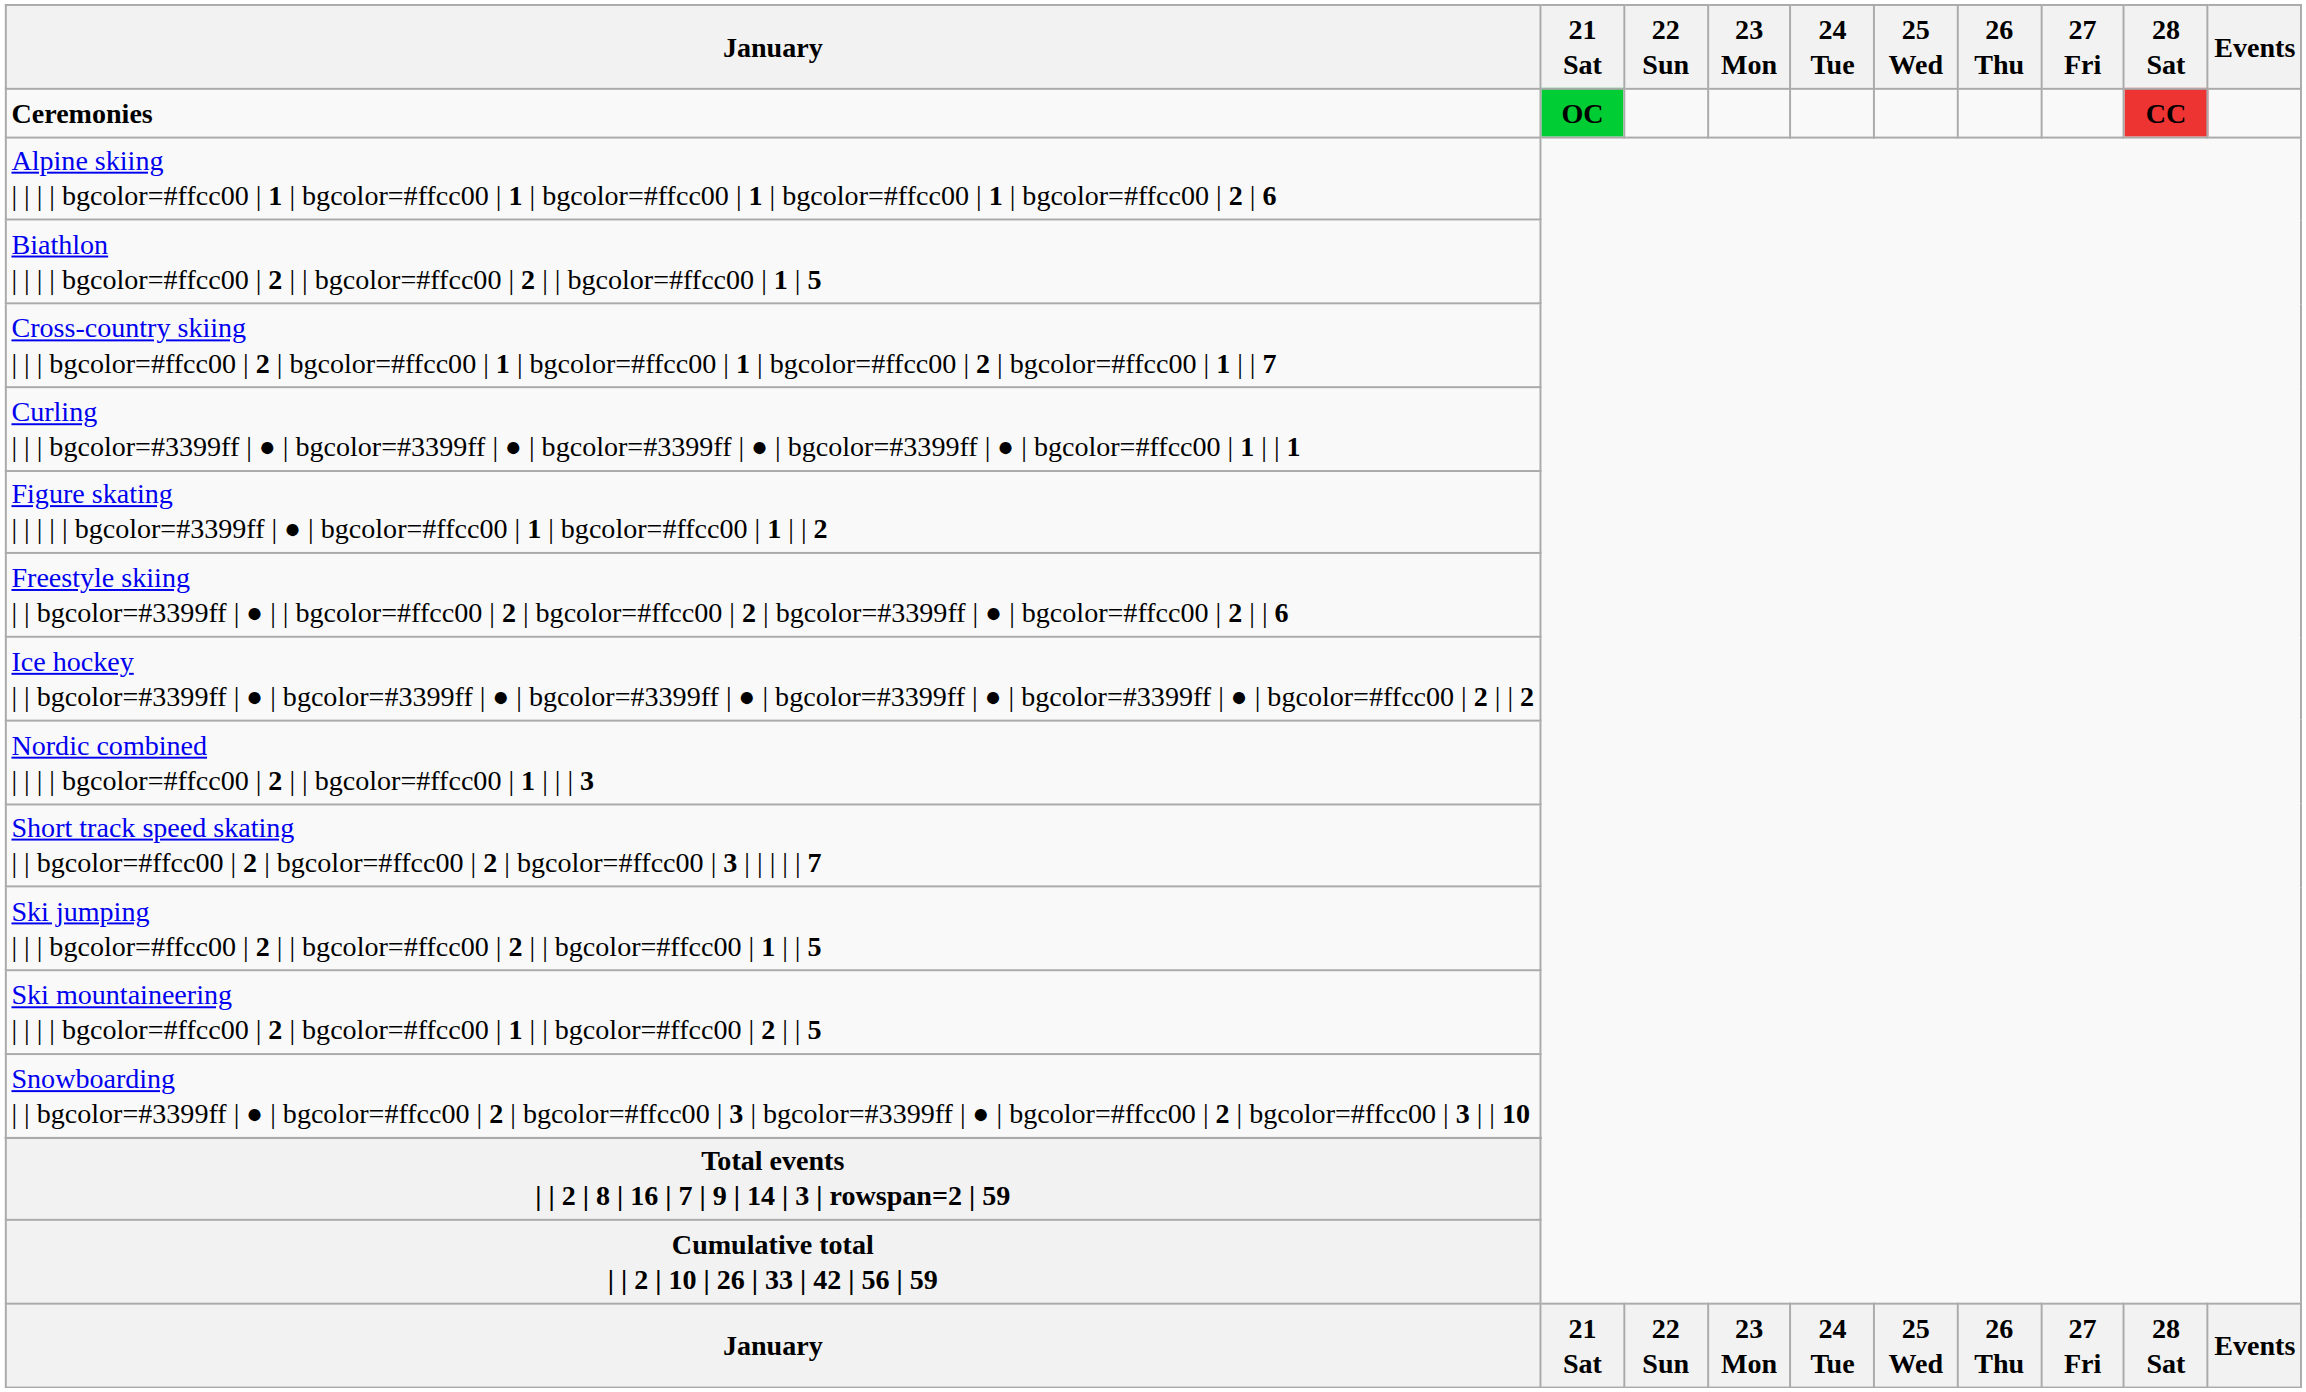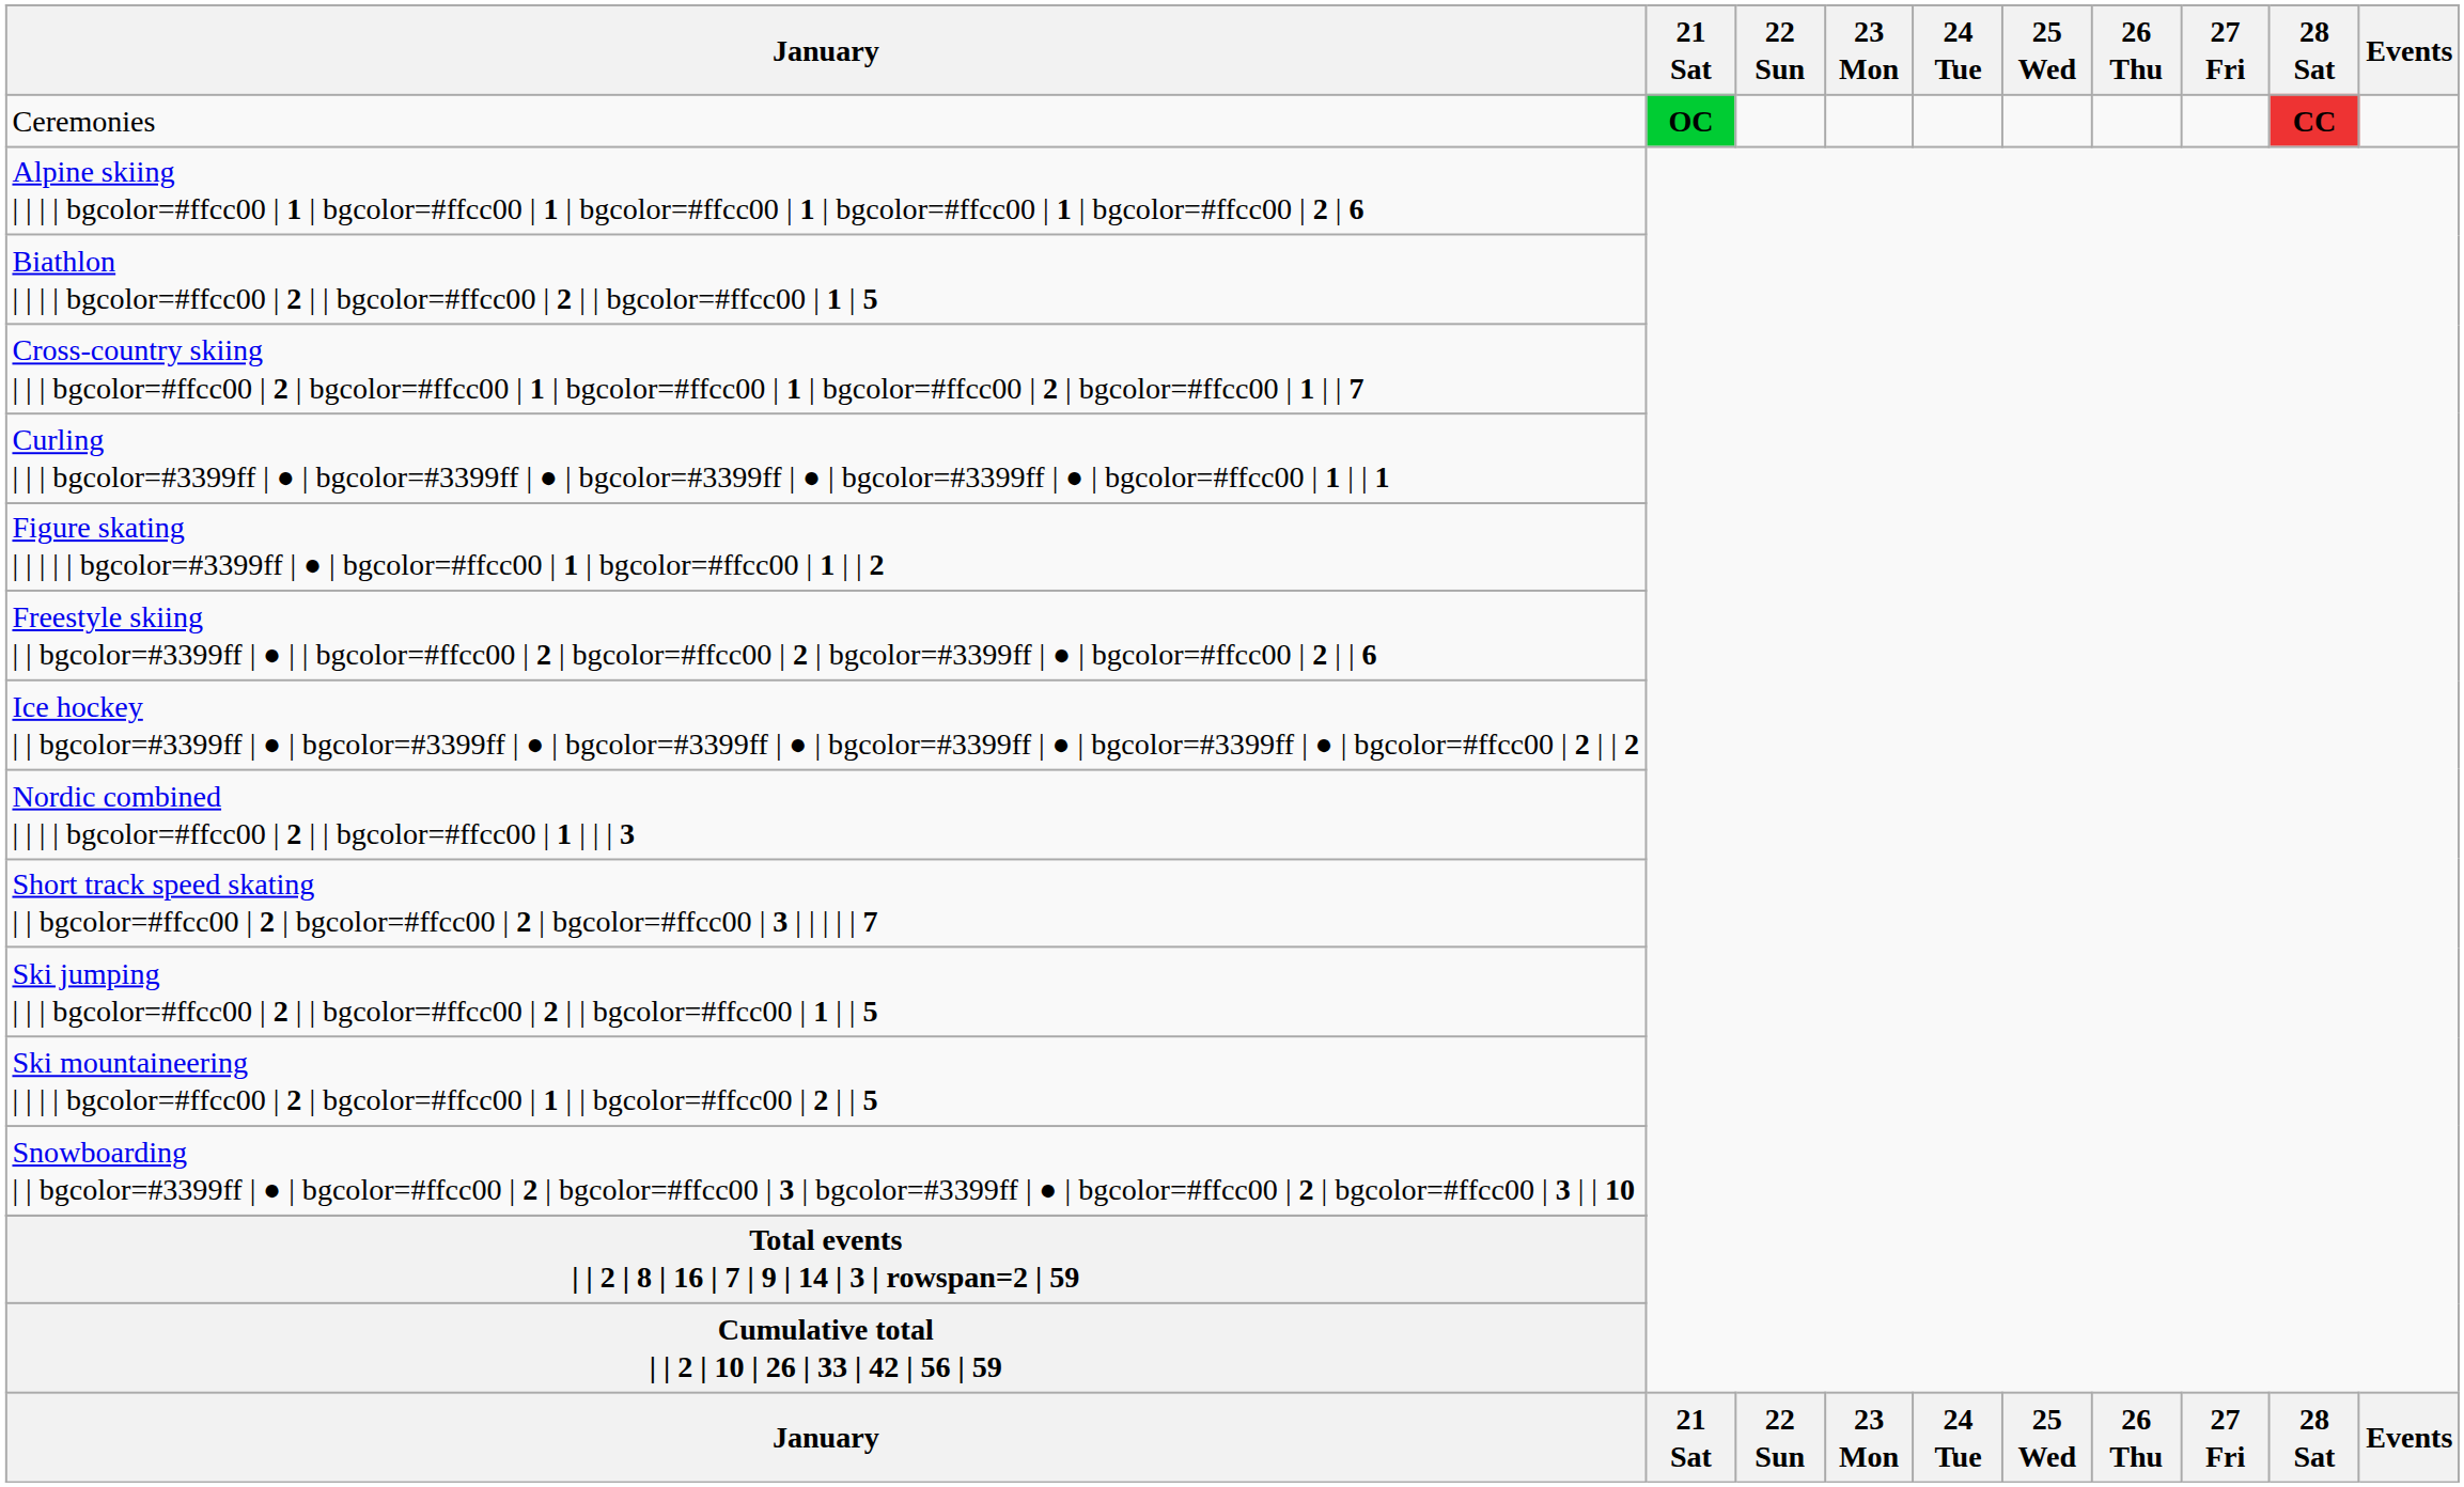 <table class="wikitable" style="margin:0.5em auto; font-size:90%; line-height:1.25em">
 <tr>
 <th>January</th>
 <th style="width:2.5em">21 <br> Sat</th>
 <th style="width:2.5em">22 <br> Sun</th>
 <th style="width:2.5em">23 <br> Mon</th>
 <th style="width:2.5em">24 <br> Tue</th>
 <th style="width:2.5em">25 <br> Wed</th>
 <th style="width:2.5em">26 <br> Thu</th>
 <th style="width:2.5em">27 <br> Fri</th>
 <th style="width:2.5em">28 <br> Sat</th>
 <th>Events</th>
 </tr>
 <tr>
-<td><strong>Ceremonies</strong></td>
+<td>Ceremonies</td>
 <td style="background:#00cc33; text-align:center"><strong>OC</strong></td>
 <td></td>
 <td></td>
 <td></td>
 <td></td>
 <td></td>
 <td></td>
 <td style="background:#ee3333; text-align:center"><strong>CC</strong></td>
 <td></td>
 </tr>
 <tr style="text-align:center">
 <td style="text-align:left"> <a href='#'>Alpine skiing</a><br>|   |   |   | bgcolor=#ffcc00 | <strong>1</strong>  | bgcolor=#ffcc00 | <strong>1</strong>  | bgcolor=#ffcc00 | <strong>1</strong>  | bgcolor=#ffcc00 | <strong>1</strong>  | bgcolor=#ffcc00 | <strong>2</strong>  | <strong>6</strong></td>
 </tr>
 <tr style="text-align:center">
 <td style="text-align:left"> <a href='#'>Biathlon</a><br>|   |   |   | bgcolor=#ffcc00 | <strong>2</strong>  |   | bgcolor=#ffcc00 | <strong>2</strong>  |   | bgcolor=#ffcc00 | <strong>1</strong>  | <strong>5</strong></td>
 </tr>
 <tr style="text-align:center">
 <td style="text-align:left"> <a href='#'>Cross-country skiing</a><br>|   |   | bgcolor=#ffcc00 | <strong>2</strong>  | bgcolor=#ffcc00 | <strong>1</strong>  | bgcolor=#ffcc00 | <strong>1</strong>  | bgcolor=#ffcc00 | <strong>2</strong>  | bgcolor=#ffcc00 | <strong>1</strong>  |   | <strong>7</strong></td>
 </tr>
 <tr style="text-align:center">
 <td style="text-align:left"> <a href='#'>Curling</a><br>|   |   | bgcolor=#3399ff | ●  | bgcolor=#3399ff | ●  | bgcolor=#3399ff | ●  | bgcolor=#3399ff | ●  | bgcolor=#ffcc00 | <strong>1</strong>  |   | <strong>1</strong></td>
 </tr>
 <tr style="text-align:center">
 <td style="text-align:left"> <a href='#'>Figure skating</a><br>|   |   |   |   | bgcolor=#3399ff | ●  | bgcolor=#ffcc00 | <strong>1</strong>  | bgcolor=#ffcc00 | <strong>1</strong>  |   |  <strong>2</strong></td>
 </tr>
 <tr style="text-align:center">
 <td style="text-align:left"> <a href='#'>Freestyle skiing</a><br>|   | bgcolor=#3399ff | ●  |   | bgcolor=#ffcc00 | <strong>2</strong>  | bgcolor=#ffcc00 | <strong>2</strong>  | bgcolor=#3399ff | ●  | bgcolor=#ffcc00 | <strong>2</strong>  |   | <strong>6</strong></td>
 </tr>
 <tr style="text-align:center">
 <td style="text-align:left"> <a href='#'>Ice hockey</a><br>|   | bgcolor=#3399ff | ●  | bgcolor=#3399ff | ●  | bgcolor=#3399ff | ●  | bgcolor=#3399ff | ●  | bgcolor=#3399ff | ●  | bgcolor=#ffcc00 | <strong>2</strong>  |   | <strong>2</strong></td>
 </tr>
 <tr style="text-align:center">
 <td style="text-align:left"> <a href='#'>Nordic combined</a><br>|   |   |   | bgcolor=#ffcc00 | <strong>2</strong>  |   | bgcolor=#ffcc00 | <strong>1</strong>  |   |   | <strong>3</strong></td>
 </tr>
 <tr style="text-align:center">
 <td style="text-align:left"> <a href='#'>Short track speed skating</a><br>|   | bgcolor=#ffcc00 | <strong>2</strong>  | bgcolor=#ffcc00 | <strong>2</strong>  | bgcolor=#ffcc00 | <strong>3</strong>  |   |   |   |   | <strong>7</strong></td>
 </tr>
 <tr style="text-align:center">
 <td style="text-align:left"> <a href='#'>Ski jumping</a><br>|   |   | bgcolor=#ffcc00 | <strong>2</strong>  |   | bgcolor=#ffcc00 | <strong>2</strong>  |   | bgcolor=#ffcc00 | <strong>1</strong>  |   | <strong>5</strong></td>
 </tr>
 <tr style="text-align:center">
 <td style="text-align:left"> <a href='#'>Ski mountaineering</a><br>|   |   |   | bgcolor=#ffcc00 | <strong>2</strong>  | bgcolor=#ffcc00 | <strong>1</strong>  |   | bgcolor=#ffcc00 | <strong>2</strong>  |   | <strong>5</strong></td>
 </tr>
 <tr style="text-align:center">
 <td style="text-align:left"> <a href='#'>Snowboarding</a><br>|   | bgcolor=#3399ff | ●  | bgcolor=#ffcc00 | <strong>2</strong>  | bgcolor=#ffcc00 | <strong>3</strong>  | bgcolor=#3399ff | ●  | bgcolor=#ffcc00 | <strong>2</strong>  | bgcolor=#ffcc00 | <strong>3</strong>  |   | <strong>10</strong></td>
 </tr>
 <tr style="text-align:center">
 </tr>
 <tr style="text-align:center">
 <th>Total events<br> |   | 2  | 8  | 16  | 7  | 9  | 14  | 3  | rowspan=2 | 59</th>
 </tr>
 <tr align=center>
 <th>Cumulative total<br> |   | 2  | 10  | 26  | 33  | 42  | 56  | 59</th>
 </tr>
 <tr>
 <th>January</th>
 <th style="width:2.5em">21 <br> Sat</th>
 <th style="width:2.5em">22 <br> Sun</th>
 <th style="width:2.5em">23 <br> Mon</th>
 <th style="width:2.5em">24 <br> Tue</th>
 <th style="width:2.5em">25 <br> Wed</th>
 <th style="width:2.5em">26 <br> Thu</th>
 <th style="width:2.5em">27 <br> Fri</th>
 <th style="width:2.5em">28 <br> Sat</th>
 <th>Events</th>
 </tr>
 </table>
